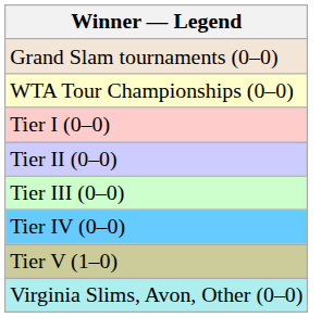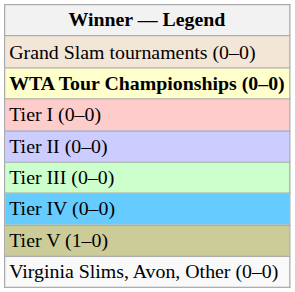 <table class="wikitable sortable mw-collapsible mw-collapsed">
 <tr>
 <th>Winner — Legend</th>
 </tr>
 <tr>
 <td bgcolor=#f3e6d7>Grand Slam tournaments (0–0)</td>
 </tr>
 <tr>
-<td bgcolor=#ffffcc>WTA Tour Championships (0–0)</td>
+<td bgcolor=#ffffcc><strong>WTA Tour Championships (0–0)</strong></td>
 </tr>
 <tr>
 <td bgcolor=#FFCCCC>Tier I (0–0)</td>
 </tr>
 <tr>
 <td bgcolor=#CCCCFF>Tier II (0–0)</td>
 </tr>
 <tr>
 <td bgcolor=#CCFFCC>Tier III (0–0)</td>
 </tr>
 <tr>
 <td bgcolor=#66CCFF>Tier IV (0–0)</td>
 </tr>
 <tr>
 <td bgcolor=#CCCC99>Tier V (1–0)</td>
 </tr>
 <tr>
-<td style="background: paleturquoise;">Virginia Slims, Avon, Other (0–0)</td>
+<td>Virginia Slims, Avon, Other (0–0)</td>
 </tr>
 </table>
